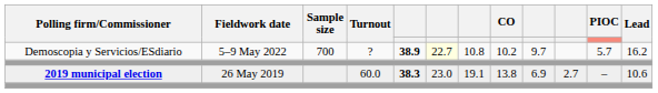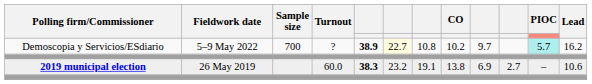 <table class="wikitable collapsible collapsed" style="text-align:center; font-size:95%; line-height:16px;">
 <tr style="height:42px;">
 <th style="width:250px;" rowspan="2">Polling firm/Commissioner</th>
 <th style="width:125px;" rowspan="2">Fieldwork date</th>
 <th style="width:50px;" rowspan="2">Sample size</th>
 <th style="width:45px;" rowspan="2">Turnout</th>
 <th style="width:35px;"></th>
 <th style="width:35px;"></th>
 <th style="width:35px;"></th>
 <th style="width:35px;">CO</th>
 <th style="width:35px;"></th>
 <th style="width:35px;"></th>
 <th style="width:35px;">PIOC</th>
 <th style="width:30px;" rowspan="2">Lead</th>
 </tr>
 <tr>
 <th style="color:inherit;background:"></th>
 <th style="color:inherit;background:"></th>
 <th style="color:inherit;background:"></th>
 <th style="color:inherit;background:"></th>
 <th style="color:inherit;background:"></th>
 <th style="color:inherit;background:"></th>
 <th style="color:inherit;background:#F9897B;"></th>
 </tr>
 <tr>
 <td>Demoscopia y Servicios/ESdiario</td>
 <td>5–9 May 2022</td>
 <td>700</td>
 <td>?</td>
 <td><strong>38.9</strong><br></td>
 <td style="background: lightyellow;">22.7<br></td>
 <td>10.8<br></td>
 <td>10.2<br></td>
 <td>9.7<br></td>
 <td></td>
-<td>5.7<br></td>
+<td style="background: paleturquoise;">5.7<br></td>
 <td style="background:">16.2</td>
 </tr>
 <tr>
 <td colspan="12" style="background:#A0A0A0"></td>
 </tr>
 <tr style="background:#EFEFEF;">
 <td><strong><a href='#'>2019 municipal election</a></strong></td>
 <td>26 May 2019</td>
 <td></td>
 <td>60.0</td>
 <td><strong>38.3</strong><br></td>
-<td>23.0<br></td>
+<td>23.2<br></td>
 <td>19.1<br></td>
 <td>13.8<br></td>
 <td>6.9<br></td>
 <td>2.7<br></td>
 <td>–</td>
 <td style="background:">10.6</td>
 </tr>
 <tr>
 <td colspan="12" style="background:#A0A0A0"></td>
 </tr>
 </table>
